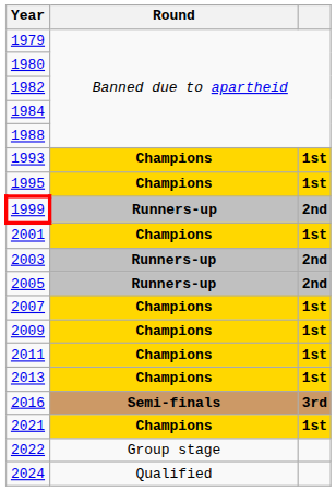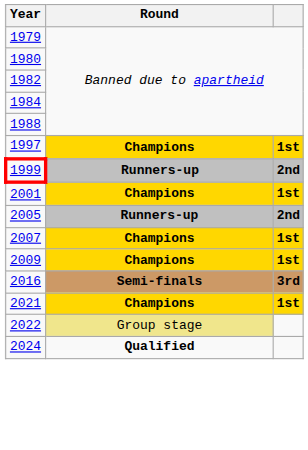 <table class="wikitable" style="text-align: center; font-size:90%">
 <tr>
 <th>Year</th>
 <th style="width:200px">Round</th>
 <th></th>
 </tr>
 <tr>
 <td><a href='#'>1979</a></td>
 <td colspan="2" rowspan="5"><em>Banned due to <a href='#'>apartheid</a></em></td>
 </tr>
 <tr>
 <td><a href='#'>1980</a></td>
 </tr>
 <tr>
 <td><a href='#'>1982</a></td>
 </tr>
 <tr>
 <td><a href='#'>1984</a></td>
 </tr>
 <tr>
 <td><a href='#'>1988</a></td>
 </tr>
 <tr>
-<td><a href='#'>1993</a></td>
-<td bgcolor=Gold><strong>Champions</strong></td>
-<td bgcolor=Gold><strong>1st</strong></td>
-</tr>
-<tr>
-<td><a href='#'>1995</a></td>
+<td><a href='#'>1997</a></td>
 <td bgcolor=Gold><strong>Champions</strong></td>
 <td bgcolor=Gold><strong>1st</strong></td>
 </tr>
 <tr>
 <td style="border: 3px solid red"><a href='#'>1999</a></td>
 <td bgcolor=Silver><strong>Runners-up</strong></td>
 <td bgcolor=Silver><strong>2nd</strong></td>
 </tr>
 <tr>
 <td><a href='#'>2001</a></td>
 <td bgcolor=Gold><strong>Champions</strong></td>
 <td bgcolor=Gold><strong>1st</strong></td>
-</tr>
-<tr>
-<td><a href='#'>2003</a></td>
-<td bgcolor=Silver><strong>Runners-up</strong></td>
-<td bgcolor=Silver><strong>2nd</strong></td>
 </tr>
 <tr>
 <td><a href='#'>2005</a></td>
 <td bgcolor=Silver><strong>Runners-up</strong></td>
 <td bgcolor=Silver><strong>2nd</strong></td>
 </tr>
 <tr>
 <td><a href='#'>2007</a></td>
 <td bgcolor=Gold><strong>Champions</strong></td>
 <td bgcolor=Gold><strong>1st</strong></td>
 </tr>
 <tr>
 <td><a href='#'>2009</a></td>
 <td bgcolor=Gold><strong>Champions</strong></td>
 <td bgcolor=Gold><strong>1st</strong></td>
 </tr>
 <tr>
-<td><a href='#'>2011</a></td>
-<td bgcolor=Gold><strong>Champions</strong></td>
-<td bgcolor=Gold><strong>1st</strong></td>
-</tr>
-<tr>
-<td><a href='#'>2013</a></td>
-<td bgcolor=Gold><strong>Champions</strong></td>
-<td bgcolor=Gold><strong>1st</strong></td>
-</tr>
-<tr>
 <td><a href='#'>2016</a></td>
 <td bgcolor="cc9966"><strong>Semi-finals</strong></td>
 <td bgcolor="cc9966"><strong>3rd</strong></td>
 </tr>
 <tr>
 <td><a href='#'>2021</a></td>
 <td bgcolor=Gold><strong>Champions</strong></td>
 <td bgcolor=Gold><strong>1st</strong></td>
 </tr>
 <tr>
 <td><a href='#'>2022</a></td>
-<td>Group stage</td>
+<td style="background: khaki;">Group stage</td>
 <td></td>
 </tr>
 <tr>
 <td><a href='#'>2024</a></td>
-<td>Qualified</td>
+<td><strong>Qualified</strong></td>
 <td></td>
 </tr>
 </table>
